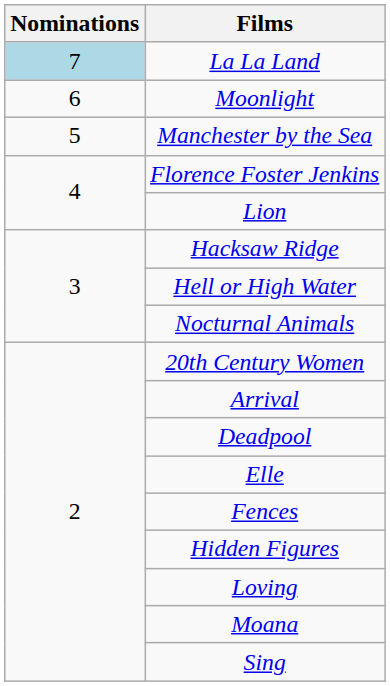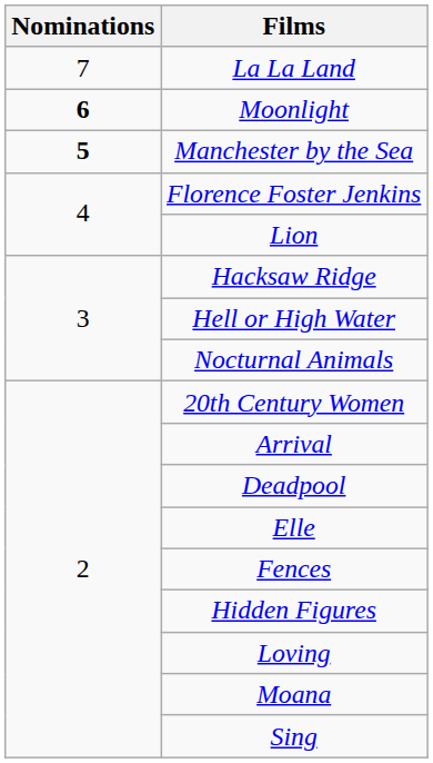 <table class="wikitable" style="text-align: center">
 <tr>
 <th scope="col" width="55">Nominations</th>
 <th scope="col" align="center">Films</th>
 </tr>
 <tr>
-<td align="center" style="background: lightblue;">7</td>
+<td align="center">7</td>
 <td><em><a href='#'>La La Land</a></em></td>
 </tr>
 <tr>
-<td align="center">6</td>
+<td align="center"><strong>6</strong></td>
 <td><em><a href='#'>Moonlight</a></em></td>
 </tr>
 <tr>
-<td align="center">5</td>
+<td align="center"><strong>5</strong></td>
 <td><em><a href='#'>Manchester by the Sea</a></em></td>
 </tr>
 <tr>
 <td rowspan=2 style="text-align:center">4</td>
 <td><em><a href='#'>Florence Foster Jenkins</a></em></td>
 </tr>
 <tr>
 <td><em><a href='#'>Lion</a></em></td>
 </tr>
 <tr>
 <td rowspan=3 style="text-align:center">3</td>
 <td><em><a href='#'>Hacksaw Ridge</a></em></td>
 </tr>
 <tr>
 <td><em><a href='#'>Hell or High Water</a></em></td>
 </tr>
 <tr>
 <td><em><a href='#'>Nocturnal Animals</a></em></td>
 </tr>
 <tr>
 <td rowspan=9 style="text-align:center">2</td>
 <td><em><a href='#'>20th Century Women</a></em></td>
 </tr>
 <tr>
 <td><em><a href='#'>Arrival</a></em></td>
 </tr>
 <tr>
 <td><em><a href='#'>Deadpool</a></em></td>
 </tr>
 <tr>
 <td><em><a href='#'>Elle</a></em></td>
 </tr>
 <tr>
 <td><em><a href='#'>Fences</a></em></td>
 </tr>
 <tr>
 <td><em><a href='#'>Hidden Figures</a></em></td>
 </tr>
 <tr>
 <td><em><a href='#'>Loving</a></em></td>
 </tr>
 <tr>
 <td><em><a href='#'>Moana</a></em></td>
 </tr>
 <tr>
 <td><em><a href='#'>Sing</a></em></td>
 </tr>
 </table>
